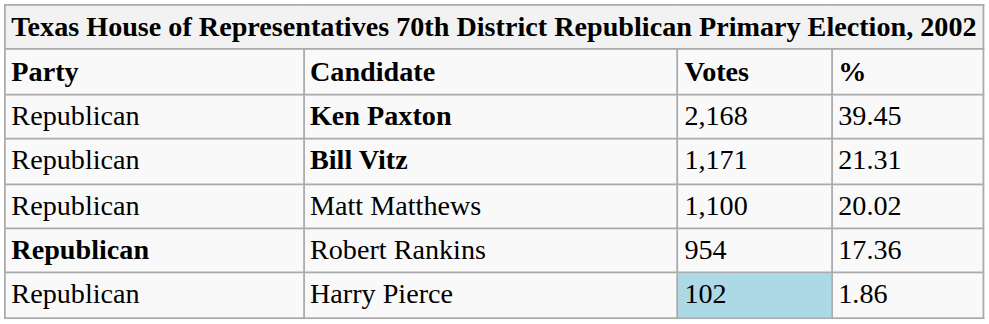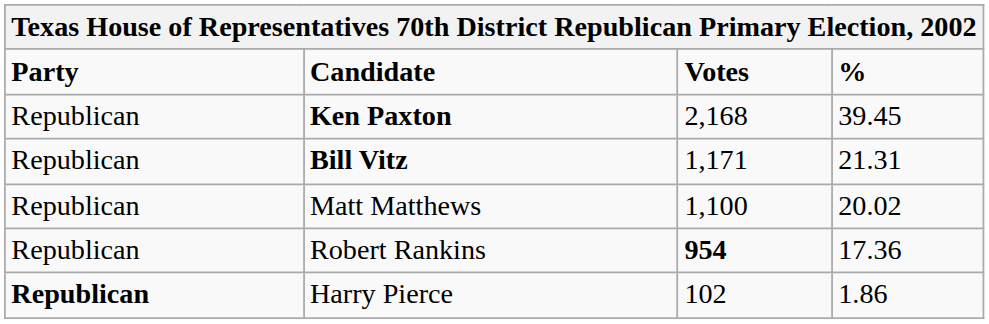 <table class="wikitable">
 <tr>
 <th colspan="4">Texas House of Representatives 70th District Republican Primary Election, 2002</th>
 </tr>
 <tr>
 <td><strong>Party</strong></td>
 <td><strong>Candidate</strong></td>
 <td><strong>Votes</strong></td>
 <td><strong>%</strong></td>
 </tr>
 <tr>
 <td>Republican</td>
 <td><strong>Ken Paxton</strong></td>
 <td>2,168</td>
 <td>39.45</td>
 </tr>
 <tr>
 <td>Republican</td>
 <td><strong>Bill Vitz</strong></td>
 <td>1,171</td>
 <td>21.31</td>
 </tr>
 <tr>
 <td>Republican</td>
 <td>Matt Matthews</td>
 <td>1,100</td>
 <td>20.02</td>
 </tr>
 <tr>
-<td><strong>Republican</strong></td>
+<td>Republican</td>
 <td>Robert Rankins</td>
-<td>954</td>
+<td><strong>954</strong></td>
 <td>17.36</td>
 </tr>
 <tr>
-<td>Republican</td>
+<td><strong>Republican</strong></td>
 <td>Harry Pierce</td>
-<td style="background: lightblue;">102</td>
+<td>102</td>
 <td>1.86</td>
 </tr>
 </table>
